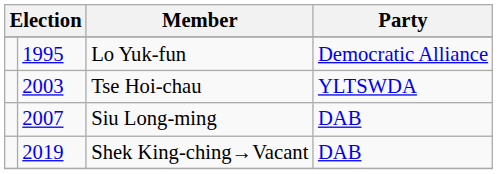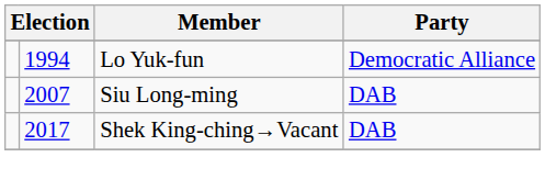 <table class="wikitable">
 <tr>
 <th colspan="2">Election</th>
 <th>Member</th>
 <th>Party</th>
 </tr>
 <tr>
 </tr>
 <tr>
 <td style="background-color: "></td>
-<td><a href='#'>1995</a></td>
+<td><a href='#'>1994</a></td>
 <td>Lo Yuk-fun</td>
 <td><a href='#'>Democratic Alliance</a></td>
-</tr>
-<tr>
-<td style="background-color: "></td>
-<td><a href='#'>2003</a></td>
-<td>Tse Hoi-chau</td>
-<td><a href='#'>YLTSWDA</a></td>
 </tr>
 <tr>
 <td style="background-color: "></td>
 <td><a href='#'>2007</a></td>
 <td>Siu Long-ming</td>
 <td><a href='#'>DAB</a></td>
 </tr>
 <tr>
 <td style="background-color: "></td>
-<td><a href='#'>2019</a></td>
+<td><a href='#'>2017</a></td>
 <td>Shek King-ching→Vacant</td>
 <td><a href='#'>DAB</a></td>
 </tr>
 <tr>
 </tr>
 </table>
